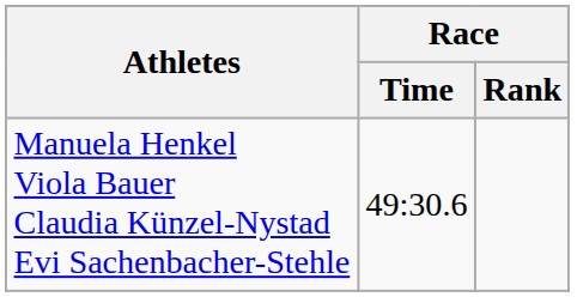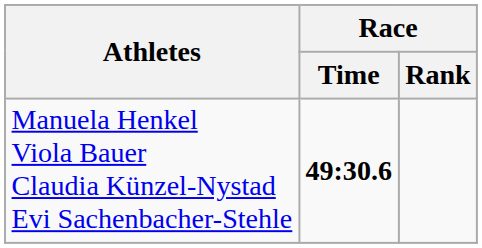 <table class="wikitable" border="1" style="font-size:90%">
 <tr>
 <th rowspan=2>Athletes</th>
 <th colspan=2>Race</th>
 </tr>
 <tr>
 <th>Time</th>
 <th>Rank</th>
 </tr>
 <tr>
 <td><a href='#'>Manuela Henkel</a><br><a href='#'>Viola Bauer</a><br><a href='#'>Claudia Künzel-Nystad</a><br><a href='#'>Evi Sachenbacher-Stehle</a></td>
-<td align=center>49:30.6</td>
+<td align=center><strong>49:30.6</strong></td>
 <td align=center></td>
 </tr>
 </table>
